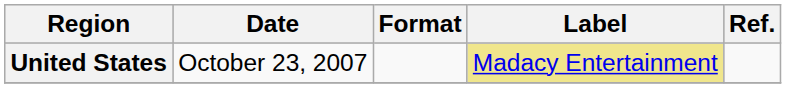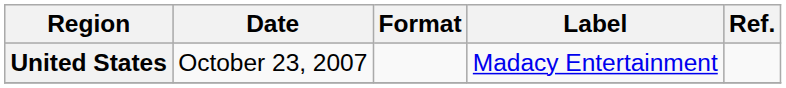 <table class="wikitable plainrowheaders">
 <tr>
 <th scope="col">Region</th>
 <th scope="col">Date</th>
 <th scope="col">Format</th>
 <th scope="col">Label</th>
 <th scope="col">Ref.</th>
 </tr>
 <tr>
 <th scope="row">United States</th>
 <td>October 23, 2007</td>
 <td></td>
-<td style="background: khaki;"><a href='#'>Madacy Entertainment</a></td>
+<td><a href='#'>Madacy Entertainment</a></td>
 <td></td>
 </tr>
 <tr>
 </tr>
 </table>
